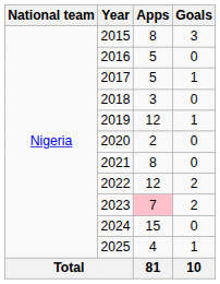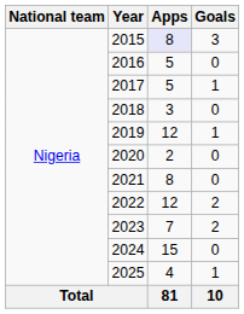 <table class=wikitable style="text-align: center">
 <tr>
 <th>National team</th>
 <th>Year</th>
 <th>Apps</th>
 <th>Goals</th>
 </tr>
 <tr>
 <td rowspan="11"><a href='#'>Nigeria</a></td>
 <td>2015</td>
-<td>8</td>
+<td style="background: lavender;">8</td>
 <td>3</td>
 </tr>
 <tr>
 <td>2016</td>
 <td>5</td>
 <td>0</td>
 </tr>
 <tr>
 <td>2017</td>
 <td>5</td>
 <td>1</td>
 </tr>
 <tr>
 <td>2018</td>
 <td>3</td>
 <td>0</td>
 </tr>
 <tr>
 <td>2019</td>
 <td>12</td>
 <td>1</td>
 </tr>
 <tr>
 <td>2020</td>
 <td>2</td>
 <td>0</td>
 </tr>
 <tr>
 <td>2021</td>
 <td>8</td>
 <td>0</td>
 </tr>
 <tr>
 <td>2022</td>
 <td>12</td>
 <td>2</td>
 </tr>
 <tr>
 <td>2023</td>
-<td style="background: pink;">7</td>
+<td>7</td>
 <td>2</td>
 </tr>
 <tr>
 <td>2024</td>
 <td>15</td>
 <td>0</td>
 </tr>
 <tr>
 <td>2025</td>
 <td>4</td>
 <td>1</td>
 </tr>
 <tr>
 <th colspan="2">Total</th>
 <th>81</th>
 <th>10</th>
 </tr>
 </table>
